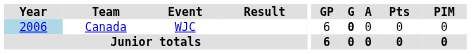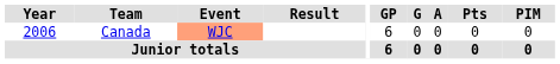 <table border="0" cellpadding="1" cellspacing="0" ID="Table3" style="text-align:center; width:40em">
 <tr ALIGN="center" bgcolor="#e0e0e0">
 <th>Year</th>
 <th>Team</th>
 <th>Event</th>
 <th>Result</th>
 <th rowspan="99" bgcolor="#ffffff"></th>
 <th>GP</th>
 <th>G</th>
 <th>A</th>
 <th>Pts</th>
 <th>PIM</th>
 </tr>
 <tr>
-<td style="background: lightblue;"><a href='#'>2006</a></td>
+<td><a href='#'>2006</a></td>
 <td><a href='#'>Canada</a></td>
-<td><a href='#'>WJC</a></td>
+<td style="background: lightsalmon;"><a href='#'>WJC</a></td>
 <td></td>
 <td>6</td>
-<td><strong>0</strong></td>
+<td>0</td>
 <td>0</td>
 <td>0</td>
 <td>0</td>
 </tr>
 <tr bgcolor="#e0e0e0">
 <th colspan=4>Junior totals</th>
 <th>6</th>
 <th>0</th>
 <th>0</th>
 <th>0</th>
 <th>0</th>
 </tr>
 </table>
